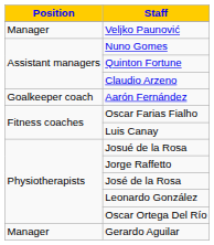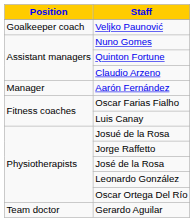 <table class="wikitable">
 <tr>
 <th style=background-color:#FFCC00;color:blue>Position</th>
 <th style=background-color:#FFCC00;color:blue>Staff</th>
 </tr>
 <tr>
 </tr>
 <tr>
-<td>Manager</td>
+<td>Goalkeeper coach</td>
 <td> <a href='#'>Veljko Paunović</a></td>
 </tr>
 <tr>
 <td rowspan="3">Assistant managers</td>
 <td> <a href='#'>Nuno Gomes</a></td>
 </tr>
 <tr>
 <td> <a href='#'>Quinton Fortune</a></td>
 </tr>
 <tr>
 <td> <a href='#'>Claudio Arzeno</a></td>
 </tr>
 <tr>
-<td>Goalkeeper coach</td>
+<td>Manager</td>
 <td> <a href='#'>Aarón Fernández</a></td>
 </tr>
 <tr>
 <td rowspan="2">Fitness coaches</td>
 <td> Oscar Farias Fialho</td>
 </tr>
 <tr>
 <td> Luis Canay</td>
 </tr>
 <tr>
 <td rowspan="5">Physiotherapists</td>
 <td> Josué de la Rosa</td>
 </tr>
 <tr>
 <td> Jorge Raffetto</td>
 </tr>
 <tr>
 <td> José de la Rosa</td>
 </tr>
 <tr>
 <td> Leonardo González</td>
 </tr>
 <tr>
 <td> Oscar Ortega Del Río</td>
 </tr>
 <tr>
-<td>Manager</td>
+<td>Team doctor</td>
 <td> Gerardo Aguilar</td>
 </tr>
 </table>
